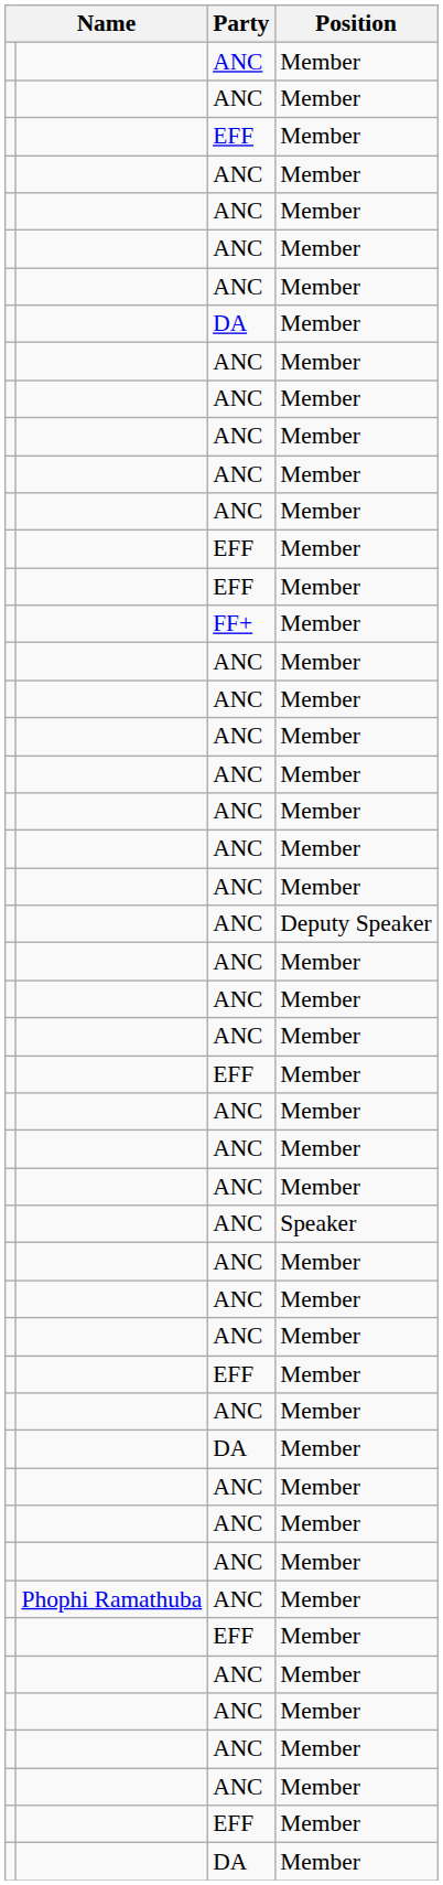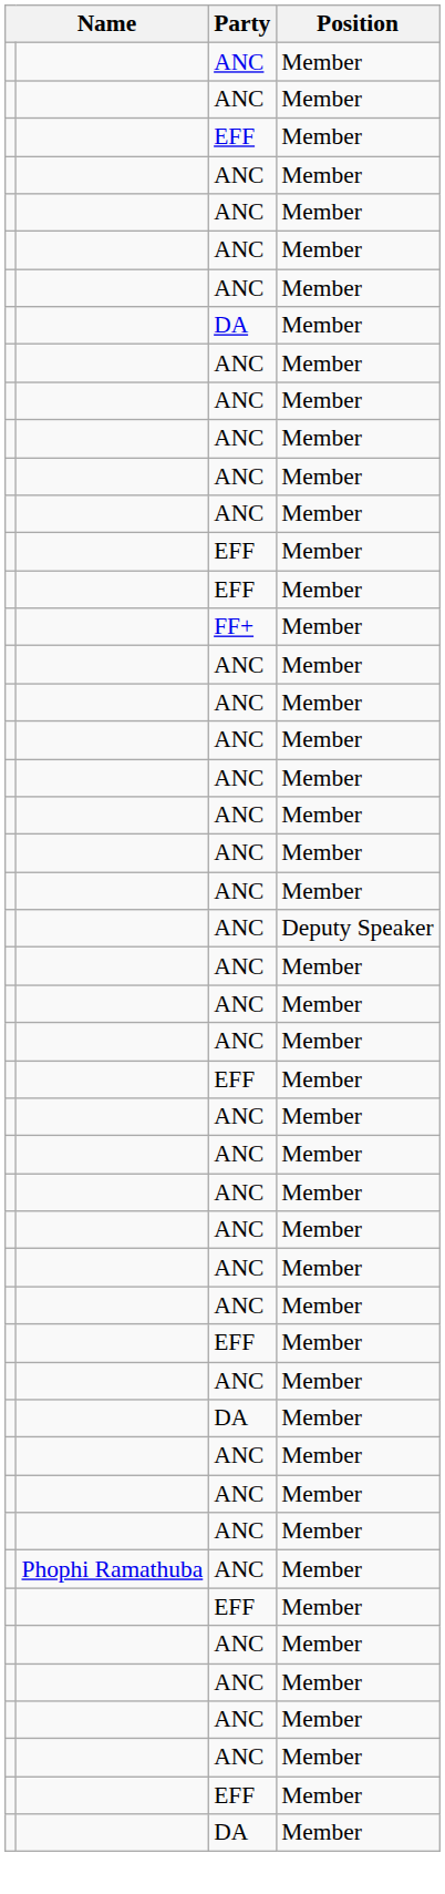 <table class="wikitable sortable">
 <tr>
 <th colspan="2">Name</th>
 <th>Party</th>
 <th>Position</th>
 </tr>
 <tr>
 <td style="background-color: "></td>
 <td></td>
 <td><a href='#'>ANC</a></td>
 <td>Member</td>
 </tr>
 <tr>
 <td style="background-color: "></td>
 <td></td>
 <td>ANC</td>
 <td>Member</td>
 </tr>
 <tr>
 <td style="background-color: "></td>
 <td></td>
 <td><a href='#'>EFF</a></td>
 <td>Member</td>
 </tr>
 <tr>
 <td style="background-color: "></td>
 <td></td>
 <td>ANC</td>
 <td>Member</td>
 </tr>
 <tr>
 <td style="background-color: "></td>
 <td></td>
 <td>ANC</td>
 <td>Member</td>
 </tr>
 <tr>
 <td style="background-color: "></td>
 <td></td>
 <td>ANC</td>
 <td>Member</td>
 </tr>
 <tr>
 <td style="background-color: "></td>
 <td></td>
 <td>ANC</td>
 <td>Member</td>
 </tr>
 <tr>
 <td style="background-color: "></td>
 <td></td>
 <td><a href='#'>DA</a></td>
 <td>Member</td>
 </tr>
 <tr>
 <td style="background-color: "></td>
 <td></td>
 <td>ANC</td>
 <td>Member</td>
 </tr>
 <tr>
 <td style="background-color: "></td>
 <td></td>
 <td>ANC</td>
 <td>Member</td>
 </tr>
 <tr>
 <td style="background-color: "></td>
 <td></td>
 <td>ANC</td>
 <td>Member</td>
 </tr>
 <tr>
 <td style="background-color: "></td>
 <td></td>
 <td>ANC</td>
 <td>Member</td>
 </tr>
 <tr>
 <td style="background-color: "></td>
 <td></td>
 <td>ANC</td>
 <td>Member</td>
 </tr>
 <tr>
 <td style="background-color: "></td>
 <td></td>
 <td>EFF</td>
 <td>Member</td>
 </tr>
 <tr>
 <td style="background-color: "></td>
 <td></td>
 <td>EFF</td>
 <td>Member</td>
 </tr>
 <tr>
 <td style="background-color: "></td>
 <td></td>
 <td><a href='#'>FF+</a></td>
 <td>Member</td>
 </tr>
 <tr>
 <td style="background-color: "></td>
 <td></td>
 <td>ANC</td>
 <td>Member</td>
 </tr>
 <tr>
 <td style="background-color: "></td>
 <td></td>
 <td>ANC</td>
 <td>Member</td>
 </tr>
 <tr>
 <td style="background-color: "></td>
 <td></td>
 <td>ANC</td>
 <td>Member</td>
 </tr>
 <tr>
 <td style="background-color: "></td>
 <td></td>
 <td>ANC</td>
 <td>Member</td>
 </tr>
 <tr>
 <td style="background-color: "></td>
 <td></td>
 <td>ANC</td>
 <td>Member</td>
 </tr>
 <tr>
 <td style="background-color: "></td>
 <td></td>
 <td>ANC</td>
 <td>Member</td>
 </tr>
 <tr>
 <td style="background-color: "></td>
 <td></td>
 <td>ANC</td>
 <td>Member</td>
 </tr>
 <tr>
 <td style="background-color: "></td>
 <td></td>
 <td>ANC</td>
 <td>Deputy Speaker</td>
 </tr>
 <tr>
 <td style="background-color: "></td>
 <td></td>
 <td>ANC</td>
 <td>Member</td>
 </tr>
 <tr>
 <td style="background-color: "></td>
 <td></td>
 <td>ANC</td>
 <td>Member</td>
 </tr>
 <tr>
 <td style="background-color: "></td>
 <td></td>
 <td>ANC</td>
 <td>Member</td>
 </tr>
 <tr>
 <td style="background-color: "></td>
 <td></td>
 <td>EFF</td>
 <td>Member</td>
 </tr>
 <tr>
 <td style="background-color: "></td>
 <td></td>
 <td>ANC</td>
 <td>Member</td>
 </tr>
 <tr>
 <td style="background-color: "></td>
 <td></td>
 <td>ANC</td>
 <td>Member</td>
 </tr>
 <tr>
 <td style="background-color: "></td>
 <td></td>
 <td>ANC</td>
 <td>Member</td>
 </tr>
 <tr>
 <td style="background-color: "></td>
 <td></td>
 <td>ANC</td>
-<td>Speaker</td>
-</tr>
-<tr>
-<td style="background-color: "></td>
-<td></td>
-<td>ANC</td>
 <td>Member</td>
 </tr>
 <tr>
 <td style="background-color: "></td>
 <td></td>
 <td>ANC</td>
 <td>Member</td>
 </tr>
 <tr>
 <td style="background-color: "></td>
 <td></td>
 <td>ANC</td>
 <td>Member</td>
 </tr>
 <tr>
 <td style="background-color: "></td>
 <td></td>
 <td>EFF</td>
 <td>Member</td>
 </tr>
 <tr>
 <td style="background-color: "></td>
 <td></td>
 <td>ANC</td>
 <td>Member</td>
 </tr>
 <tr>
 <td style="background-color: "></td>
 <td></td>
 <td>DA</td>
 <td>Member</td>
 </tr>
 <tr>
 <td style="background-color: "></td>
 <td></td>
 <td>ANC</td>
 <td>Member</td>
 </tr>
 <tr>
 <td style="background-color: "></td>
 <td></td>
 <td>ANC</td>
 <td>Member</td>
 </tr>
 <tr>
 <td style="background-color: "></td>
 <td></td>
 <td>ANC</td>
 <td>Member</td>
 </tr>
 <tr>
 <td style="background-color: "></td>
 <td><a href='#'>Phophi Ramathuba</a></td>
 <td>ANC</td>
 <td>Member</td>
 </tr>
 <tr>
 <td style="background-color: "></td>
 <td></td>
 <td>EFF</td>
 <td>Member</td>
 </tr>
 <tr>
 <td style="background-color: "></td>
 <td></td>
 <td>ANC</td>
 <td>Member</td>
 </tr>
 <tr>
 <td style="background-color: "></td>
 <td></td>
 <td>ANC</td>
 <td>Member</td>
 </tr>
 <tr>
 <td style="background-color: "></td>
 <td></td>
 <td>ANC</td>
 <td>Member</td>
 </tr>
 <tr>
 <td style="background-color: "></td>
 <td></td>
 <td>ANC</td>
 <td>Member</td>
 </tr>
 <tr>
 <td style="background-color: "></td>
 <td></td>
 <td>EFF</td>
 <td>Member</td>
 </tr>
 <tr>
 <td style="background-color: "></td>
 <td></td>
 <td>DA</td>
 <td>Member</td>
 </tr>
 </table>
